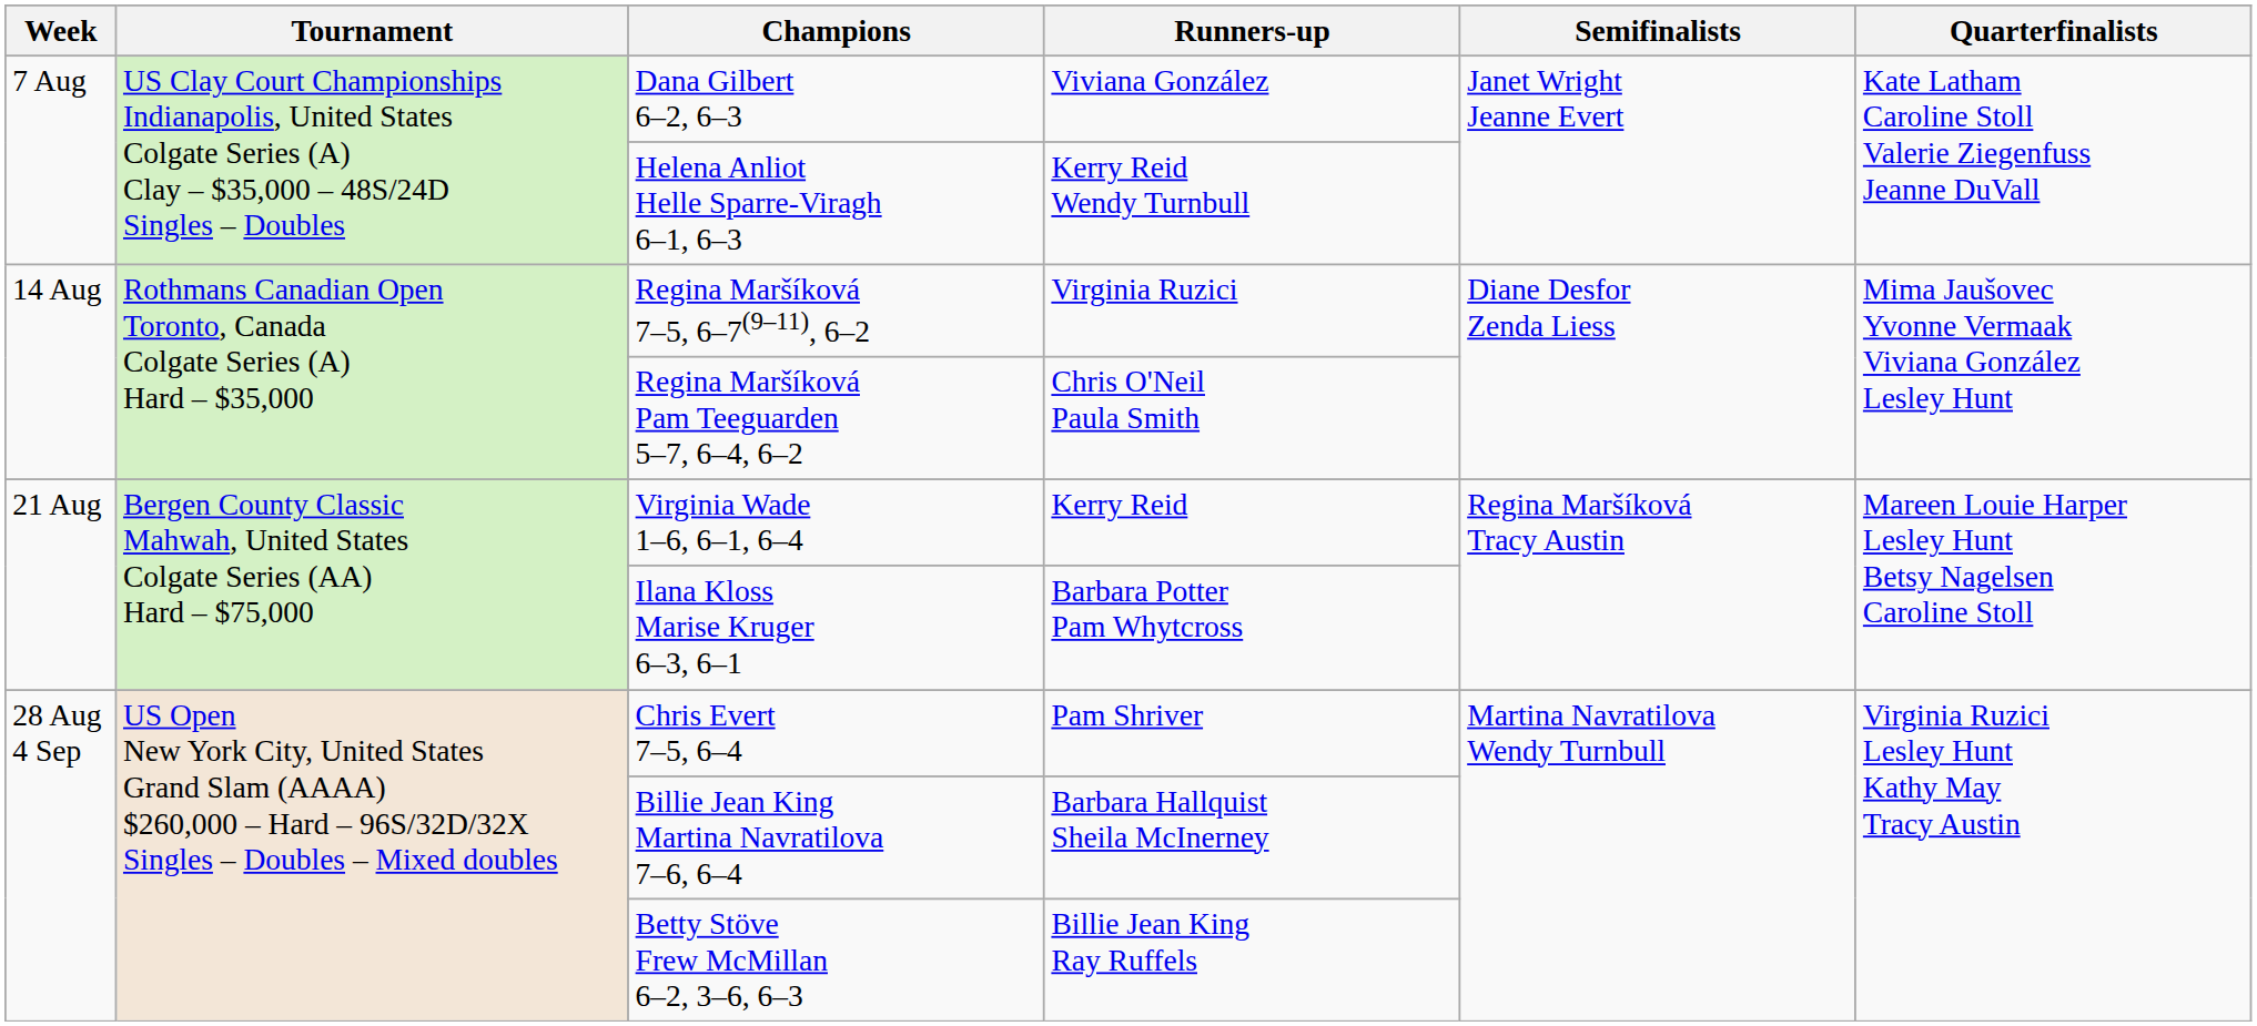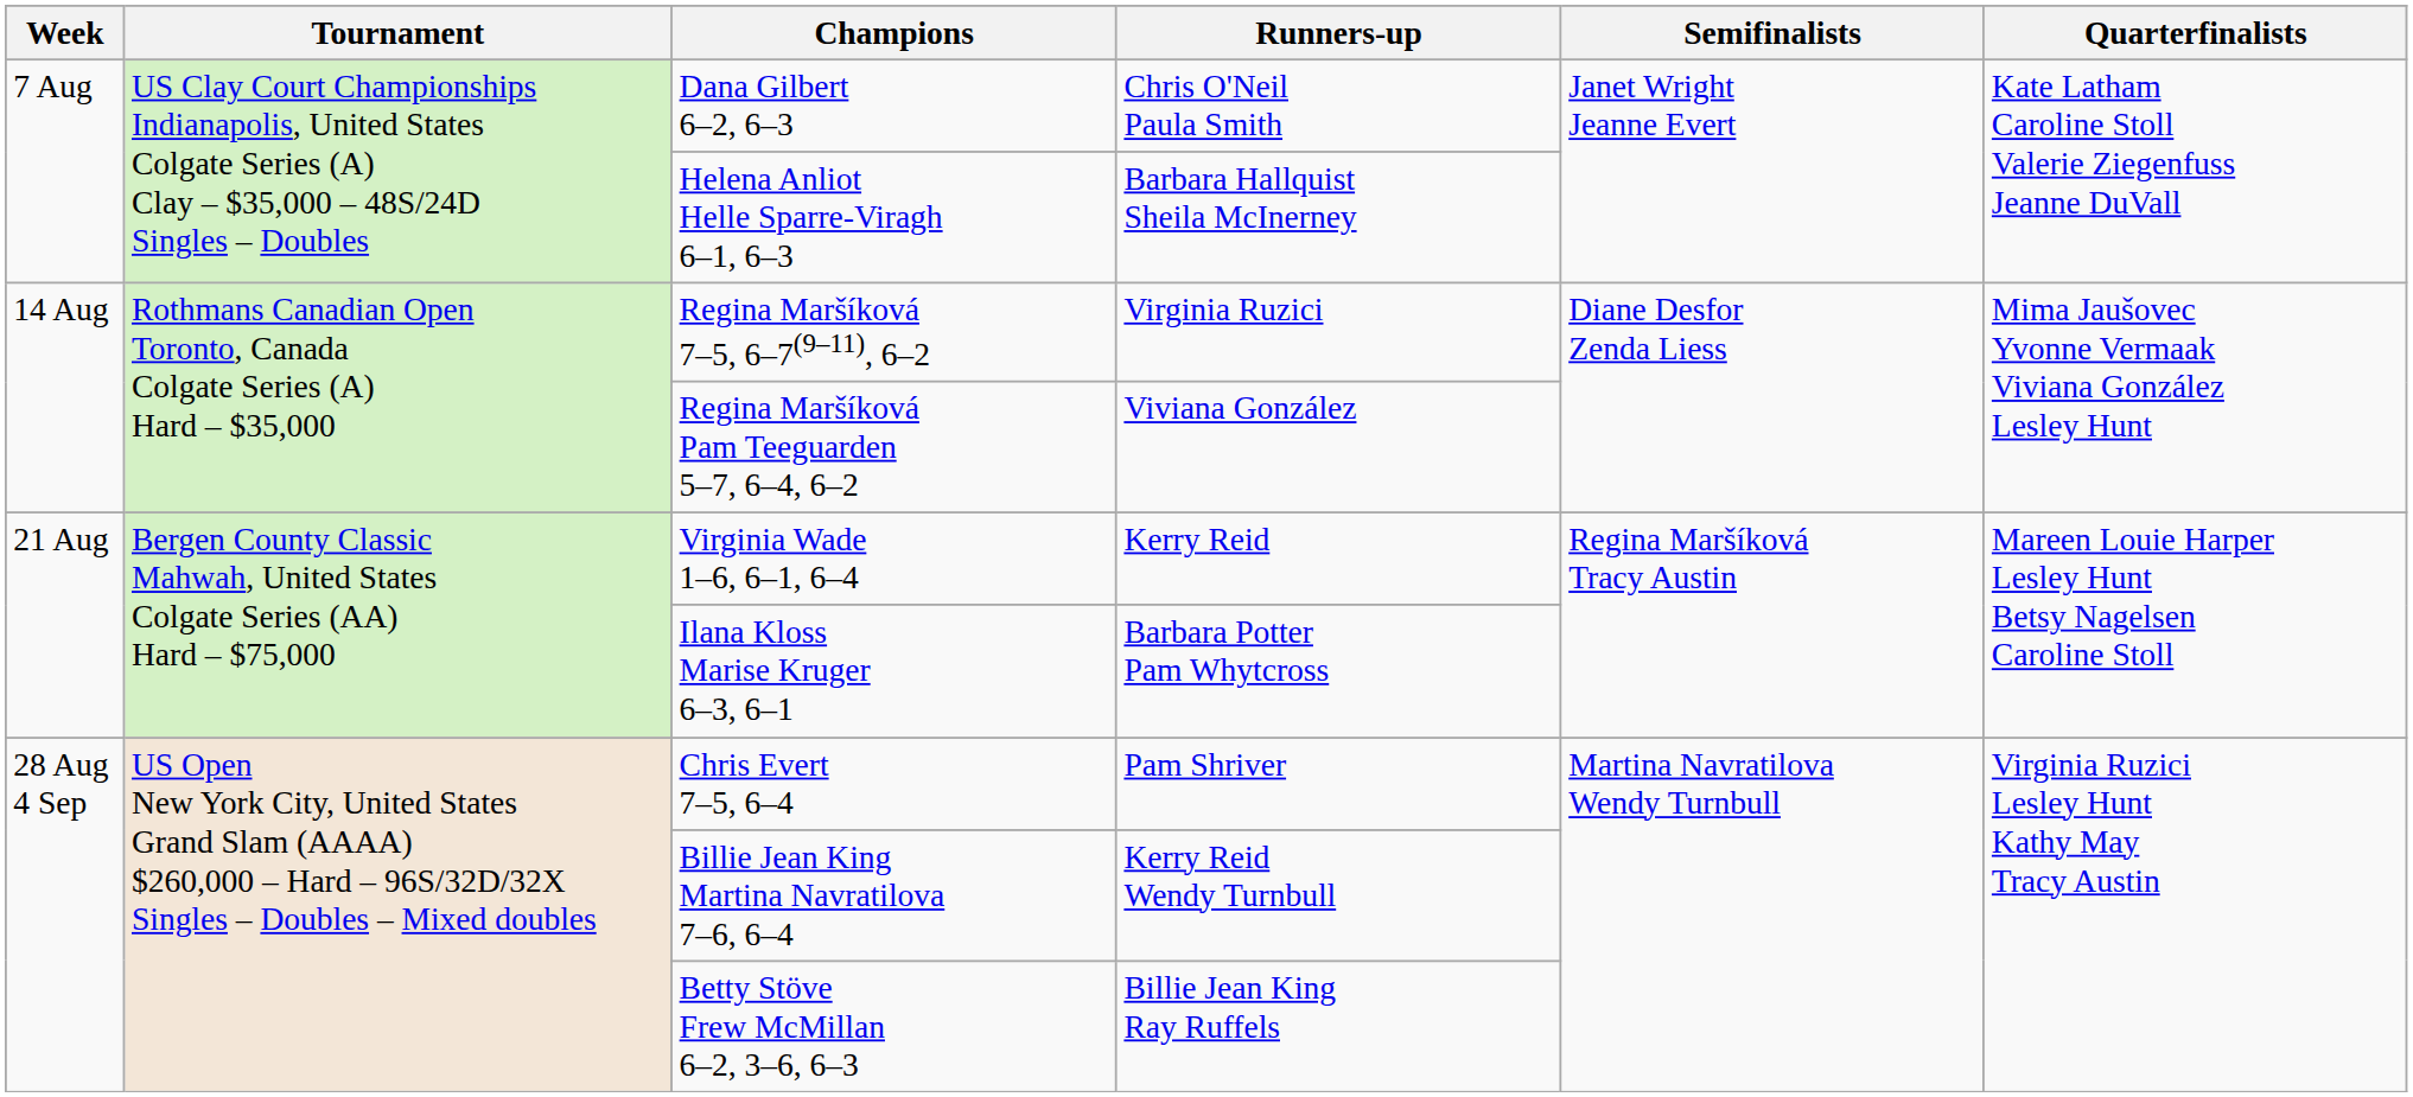 <table class=wikitable style=font-size:95%>
 <tr>
 <th style="width:48px;">Week</th>
 <th style="width:248px;">Tournament</th>
 <th style="width:200px;">Champions</th>
 <th style="width:200px;">Runners-up</th>
 <th style="width:190px;">Semifinalists</th>
 <th style="width:190px;">Quarterfinalists</th>
 </tr>
 <tr style="vertical-align: top;">
 <td rowspan=2>7 Aug</td>
 <td style="background:#D4F1C5;" rowspan="2"><a href='#'>US Clay Court Championships</a><br> <a href='#'>Indianapolis</a>, United States<br>Colgate Series (A) <br>Clay – $35,000 – 48S/24D <br> <a href='#'>Singles</a> – <a href='#'>Doubles</a></td>
 <td> <a href='#'>Dana Gilbert</a> <br>6–2, 6–3</td>
-<td> <a href='#'>Viviana González</a></td>
+<td> <a href='#'>Chris O'Neil</a> <br>  <a href='#'>Paula Smith</a></td>
 <td rowspan=2> <a href='#'>Janet Wright</a><br> <a href='#'>Jeanne Evert</a></td>
 <td rowspan=2> <a href='#'>Kate Latham</a><br> <a href='#'>Caroline Stoll</a><br> <a href='#'>Valerie Ziegenfuss</a><br> <a href='#'>Jeanne DuVall</a></td>
 </tr>
 <tr style="vertical-align: top;">
 <td> <a href='#'>Helena Anliot</a> <br>  <a href='#'>Helle Sparre-Viragh</a> <br>6–1, 6–3</td>
-<td> <a href='#'>Kerry Reid</a><br>  <a href='#'>Wendy Turnbull</a></td>
+<td> <a href='#'>Barbara Hallquist</a> <br>  <a href='#'>Sheila McInerney</a></td>
 </tr>
 <tr style="vertical-align: top;">
 <td rowspan=2>14 Aug</td>
 <td style="background:#D4F1C5;" rowspan="2"><a href='#'>Rothmans Canadian Open</a><br> <a href='#'>Toronto</a>, Canada<br>Colgate Series (A)<br>Hard – $35,000</td>
 <td> <a href='#'>Regina Maršíková</a> <br>7–5, 6–7<sup>(9–11)</sup>, 6–2</td>
 <td> <a href='#'>Virginia Ruzici</a></td>
 <td rowspan=2> <a href='#'>Diane Desfor</a><br> <a href='#'>Zenda Liess</a></td>
 <td rowspan=2> <a href='#'>Mima Jaušovec</a><br> <a href='#'>Yvonne Vermaak</a><br> <a href='#'>Viviana González</a><br> <a href='#'>Lesley Hunt</a></td>
 </tr>
 <tr style="vertical-align: top;">
 <td> <a href='#'>Regina Maršíková</a> <br>  <a href='#'>Pam Teeguarden</a> <br>5–7, 6–4, 6–2</td>
-<td> <a href='#'>Chris O'Neil</a> <br>  <a href='#'>Paula Smith</a></td>
+<td> <a href='#'>Viviana González</a></td>
 </tr>
 <tr style="vertical-align: top;">
 <td rowspan=2>21 Aug</td>
 <td style="background:#D4F1C5;" rowspan="2"><a href='#'>Bergen County Classic</a><br> <a href='#'>Mahwah</a>, United States<br>Colgate Series (AA)<br>Hard – $75,000</td>
 <td> <a href='#'>Virginia Wade</a> <br>1–6, 6–1, 6–4</td>
 <td> <a href='#'>Kerry Reid</a></td>
 <td rowspan=2> <a href='#'>Regina Maršíková</a><br> <a href='#'>Tracy Austin</a></td>
 <td rowspan=2> <a href='#'>Mareen Louie Harper</a><br> <a href='#'>Lesley Hunt</a><br> <a href='#'>Betsy Nagelsen</a><br> <a href='#'>Caroline Stoll</a></td>
 </tr>
 <tr style="vertical-align: top;">
 <td> <a href='#'>Ilana Kloss</a><br>  <a href='#'>Marise Kruger</a> <br> 6–3, 6–1</td>
 <td> <a href='#'>Barbara Potter</a> <br>  <a href='#'>Pam Whytcross</a></td>
 </tr>
 <tr style="vertical-align: top;">
 <td rowspan=3>28 Aug<br>4 Sep</td>
 <td style="background:#F3E6D7;" rowspan="3"><a href='#'>US Open</a> <br> New York City, United States<br>Grand Slam (AAAA)<br>$260,000 – Hard – 96S/32D/32X<br><a href='#'>Singles</a> – <a href='#'>Doubles</a> – <a href='#'>Mixed doubles</a></td>
 <td> <a href='#'>Chris Evert</a> <br>7–5, 6–4</td>
 <td> <a href='#'>Pam Shriver</a></td>
 <td rowspan=3> <a href='#'>Martina Navratilova</a><br> <a href='#'>Wendy Turnbull</a></td>
 <td rowspan=3> <a href='#'>Virginia Ruzici</a><br> <a href='#'>Lesley Hunt</a><br> <a href='#'>Kathy May</a><br> <a href='#'>Tracy Austin</a></td>
 </tr>
 <tr style="vertical-align: top;">
 <td> <a href='#'>Billie Jean King</a><br>  <a href='#'>Martina Navratilova</a> <br>7–6, 6–4</td>
-<td> <a href='#'>Barbara Hallquist</a> <br>  <a href='#'>Sheila McInerney</a></td>
+<td> <a href='#'>Kerry Reid</a><br>  <a href='#'>Wendy Turnbull</a></td>
 </tr>
 <tr style="vertical-align: top;">
 <td> <a href='#'>Betty Stöve</a> <br>  <a href='#'>Frew McMillan</a> <br>6–2, 3–6, 6–3</td>
 <td> <a href='#'>Billie Jean King</a><br>  <a href='#'>Ray Ruffels</a></td>
 </tr>
 </table>
